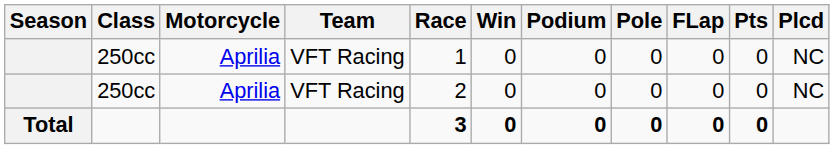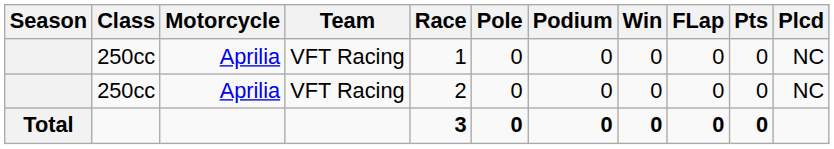 <table class="wikitable" style=text-align:right>
 <tr>
 <th>Season</th>
 <th>Class</th>
 <th>Motorcycle</th>
 <th>Team</th>
 <th>Race</th>
+<th>Pole</th>
+<th>Podium</th>
 <th>Win</th>
-<th>Podium</th>
-<th>Pole</th>
 <th>FLap</th>
 <th>Pts</th>
 <th>Plcd</th>
 </tr>
 <tr>
 <th></th>
 <td>250cc</td>
 <td><a href='#'>Aprilia</a></td>
 <td>VFT Racing</td>
 <td>1</td>
 <td>0</td>
 <td>0</td>
 <td>0</td>
 <td>0</td>
 <td>0</td>
 <td>NC</td>
 </tr>
 <tr>
 <th></th>
 <td>250cc</td>
 <td><a href='#'>Aprilia</a></td>
 <td>VFT Racing</td>
 <td>2</td>
 <td>0</td>
 <td>0</td>
 <td>0</td>
 <td>0</td>
 <td>0</td>
 <td>NC</td>
 </tr>
 <tr>
 <th>Total</th>
 <td></td>
 <td></td>
 <td></td>
 <td><strong>3</strong></td>
 <td><strong>0</strong></td>
 <td><strong>0</strong></td>
 <td><strong>0</strong></td>
 <td><strong>0</strong></td>
 <td><strong>0</strong></td>
 <td></td>
 </tr>
 </table>
